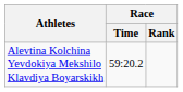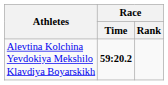 <table class="wikitable" border="1" style="font-size:90%">
 <tr>
 <th rowspan=2>Athletes</th>
 <th colspan=2>Race</th>
 </tr>
 <tr>
 <th>Time</th>
 <th>Rank</th>
 </tr>
 <tr>
 <td><a href='#'>Alevtina Kolchina</a><br><a href='#'>Yevdokiya Mekshilo</a><br><a href='#'>Klavdiya Boyarskikh</a></td>
-<td align=center>59:20.2</td>
+<td align=center><strong>59:20.2</strong></td>
 <td align=center></td>
 </tr>
 </table>
